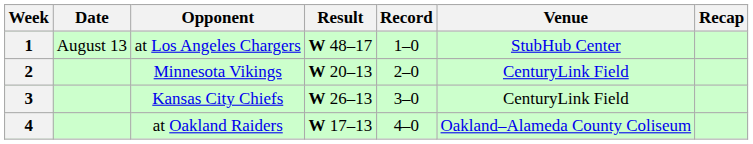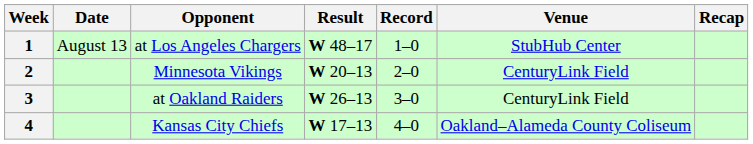 <table class="wikitable" style="text-align:center">
 <tr>
 <th>Week</th>
 <th>Date</th>
 <th>Opponent</th>
 <th>Result</th>
 <th>Record</th>
 <th>Venue</th>
 <th>Recap</th>
 </tr>
 <tr style="background:#cfc">
 <th>1</th>
 <td>August 13</td>
 <td>at <a href='#'>Los Angeles Chargers</a></td>
 <td><strong>W</strong> 48–17</td>
 <td>1–0</td>
 <td><a href='#'>StubHub Center</a></td>
 <td></td>
 </tr>
 <tr style="background:#cfc">
 <th>2</th>
 <td></td>
 <td><a href='#'>Minnesota Vikings</a></td>
 <td><strong>W</strong> 20–13</td>
 <td>2–0</td>
 <td><a href='#'>CenturyLink Field</a></td>
 <td></td>
 </tr>
 <tr style="background:#cfc">
 <th>3</th>
 <td></td>
-<td><a href='#'>Kansas City Chiefs</a></td>
+<td>at <a href='#'>Oakland Raiders</a></td>
 <td><strong>W</strong> 26–13</td>
 <td>3–0</td>
 <td>CenturyLink Field</td>
 <td></td>
 </tr>
 <tr style="background:#cfc">
 <th>4</th>
 <td></td>
-<td>at <a href='#'>Oakland Raiders</a></td>
+<td><a href='#'>Kansas City Chiefs</a></td>
 <td><strong>W</strong> 17–13</td>
 <td>4–0</td>
 <td><a href='#'>Oakland–Alameda County Coliseum</a></td>
 <td></td>
 </tr>
 </table>
